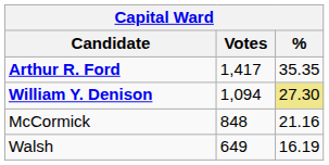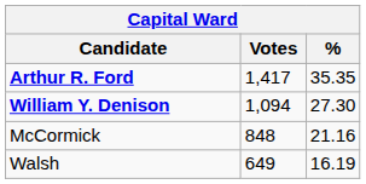 <table class="wikitable">
 <tr>
 <th colspan="3"><a href='#'>Capital Ward</a></th>
 </tr>
 <tr>
 <th style="width: 200px">Candidate</th>
 <th style="width: 50px">Votes</th>
 <th style="width: 40px">%</th>
 </tr>
 <tr>
 <td><strong><a href='#'>Arthur R. Ford</a></strong></td>
 <td>1,417</td>
 <td>35.35</td>
 </tr>
 <tr>
 <td><strong><a href='#'>William Y. Denison</a></strong></td>
 <td>1,094</td>
-<td style="background: khaki;">27.30</td>
+<td>27.30</td>
 </tr>
 <tr>
 <td>McCormick</td>
 <td>848</td>
 <td>21.16</td>
 </tr>
 <tr>
 <td>Walsh</td>
 <td>649</td>
 <td>16.19</td>
 </tr>
 </table>
